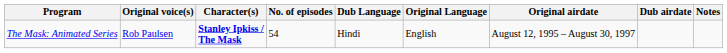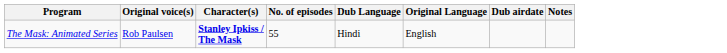 <table class="wikitable">
 <tr>
 <th>Program</th>
 <th>Original voice(s)</th>
 <th>Character(s)</th>
 <th>No. of episodes</th>
 <th>Dub Language</th>
 <th>Original Language</th>
-<th>Original airdate</th>
 <th>Dub airdate</th>
 <th>Notes</th>
 </tr>
 <tr>
 <td><a href='#'><em>The Mask: Animated Series</em></a></td>
 <td><a href='#'>Rob Paulsen</a></td>
 <td><strong><a href='#'>Stanley Ipkiss / <br>The Mask</a></strong></td>
-<td>54</td>
+<td>55</td>
 <td>Hindi</td>
 <td>English</td>
-<td>August 12, 1995 – August 30, 1997</td>
 <td></td>
 <td></td>
 </tr>
 </table>
